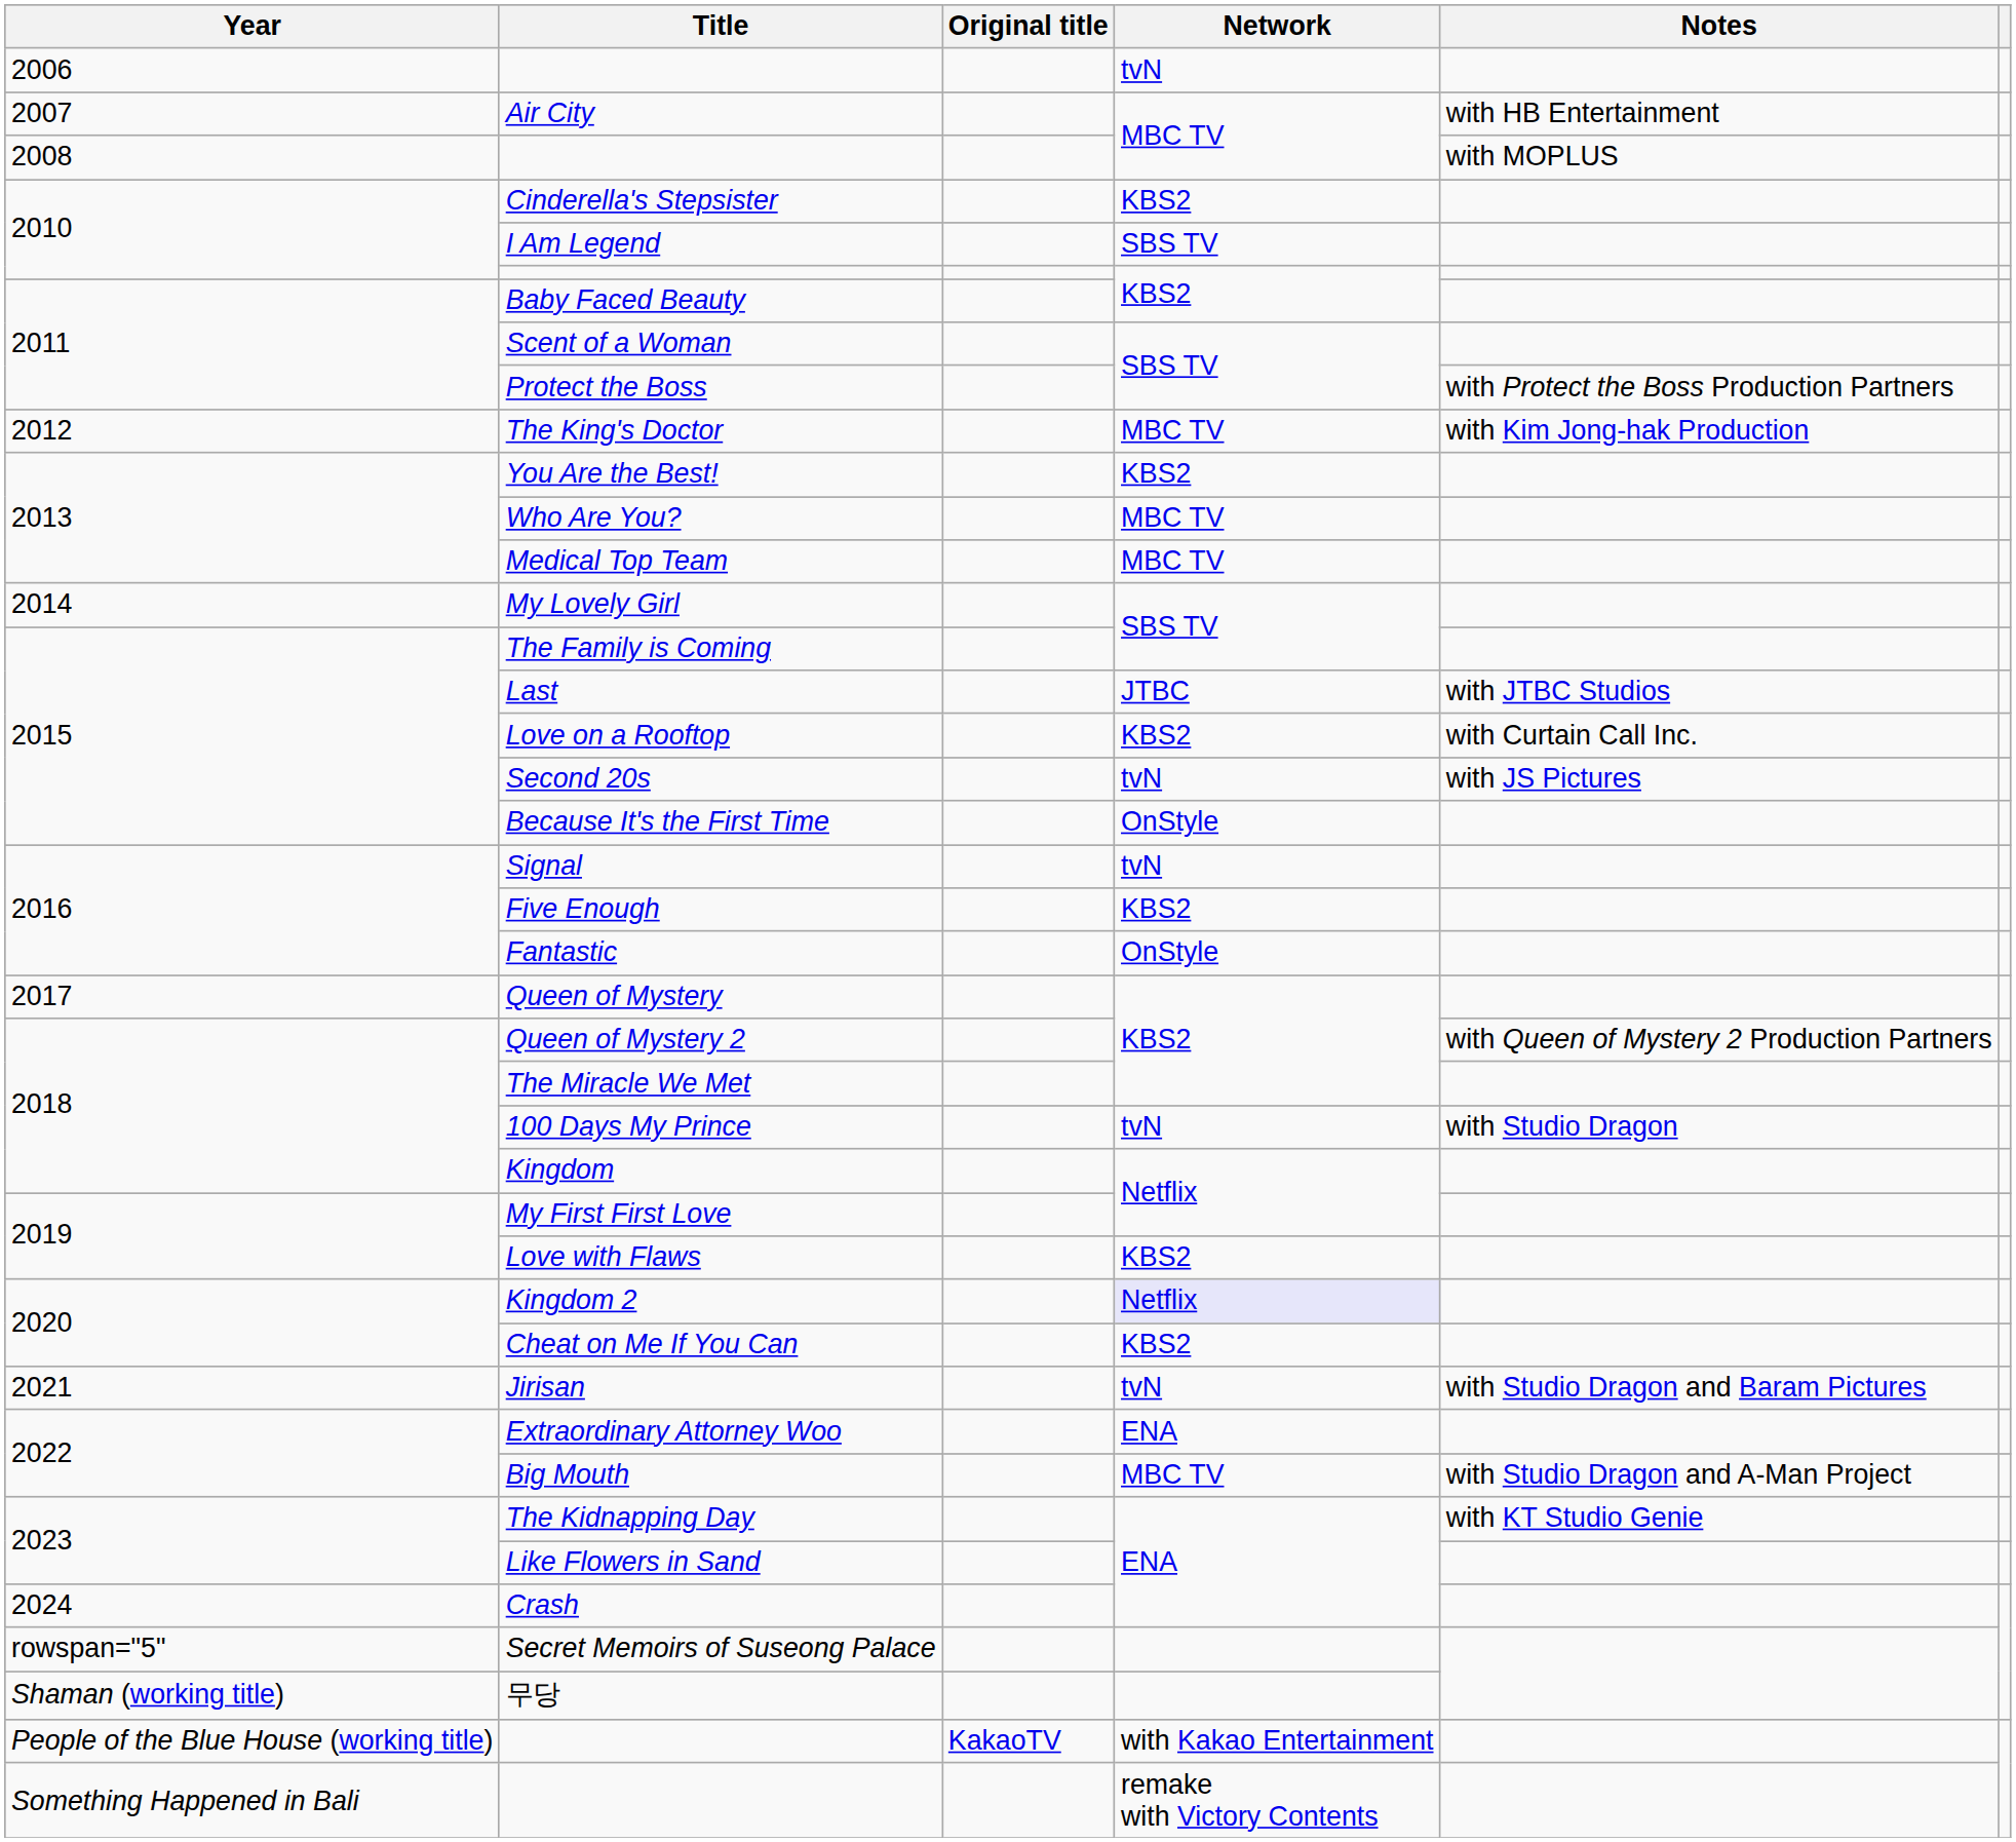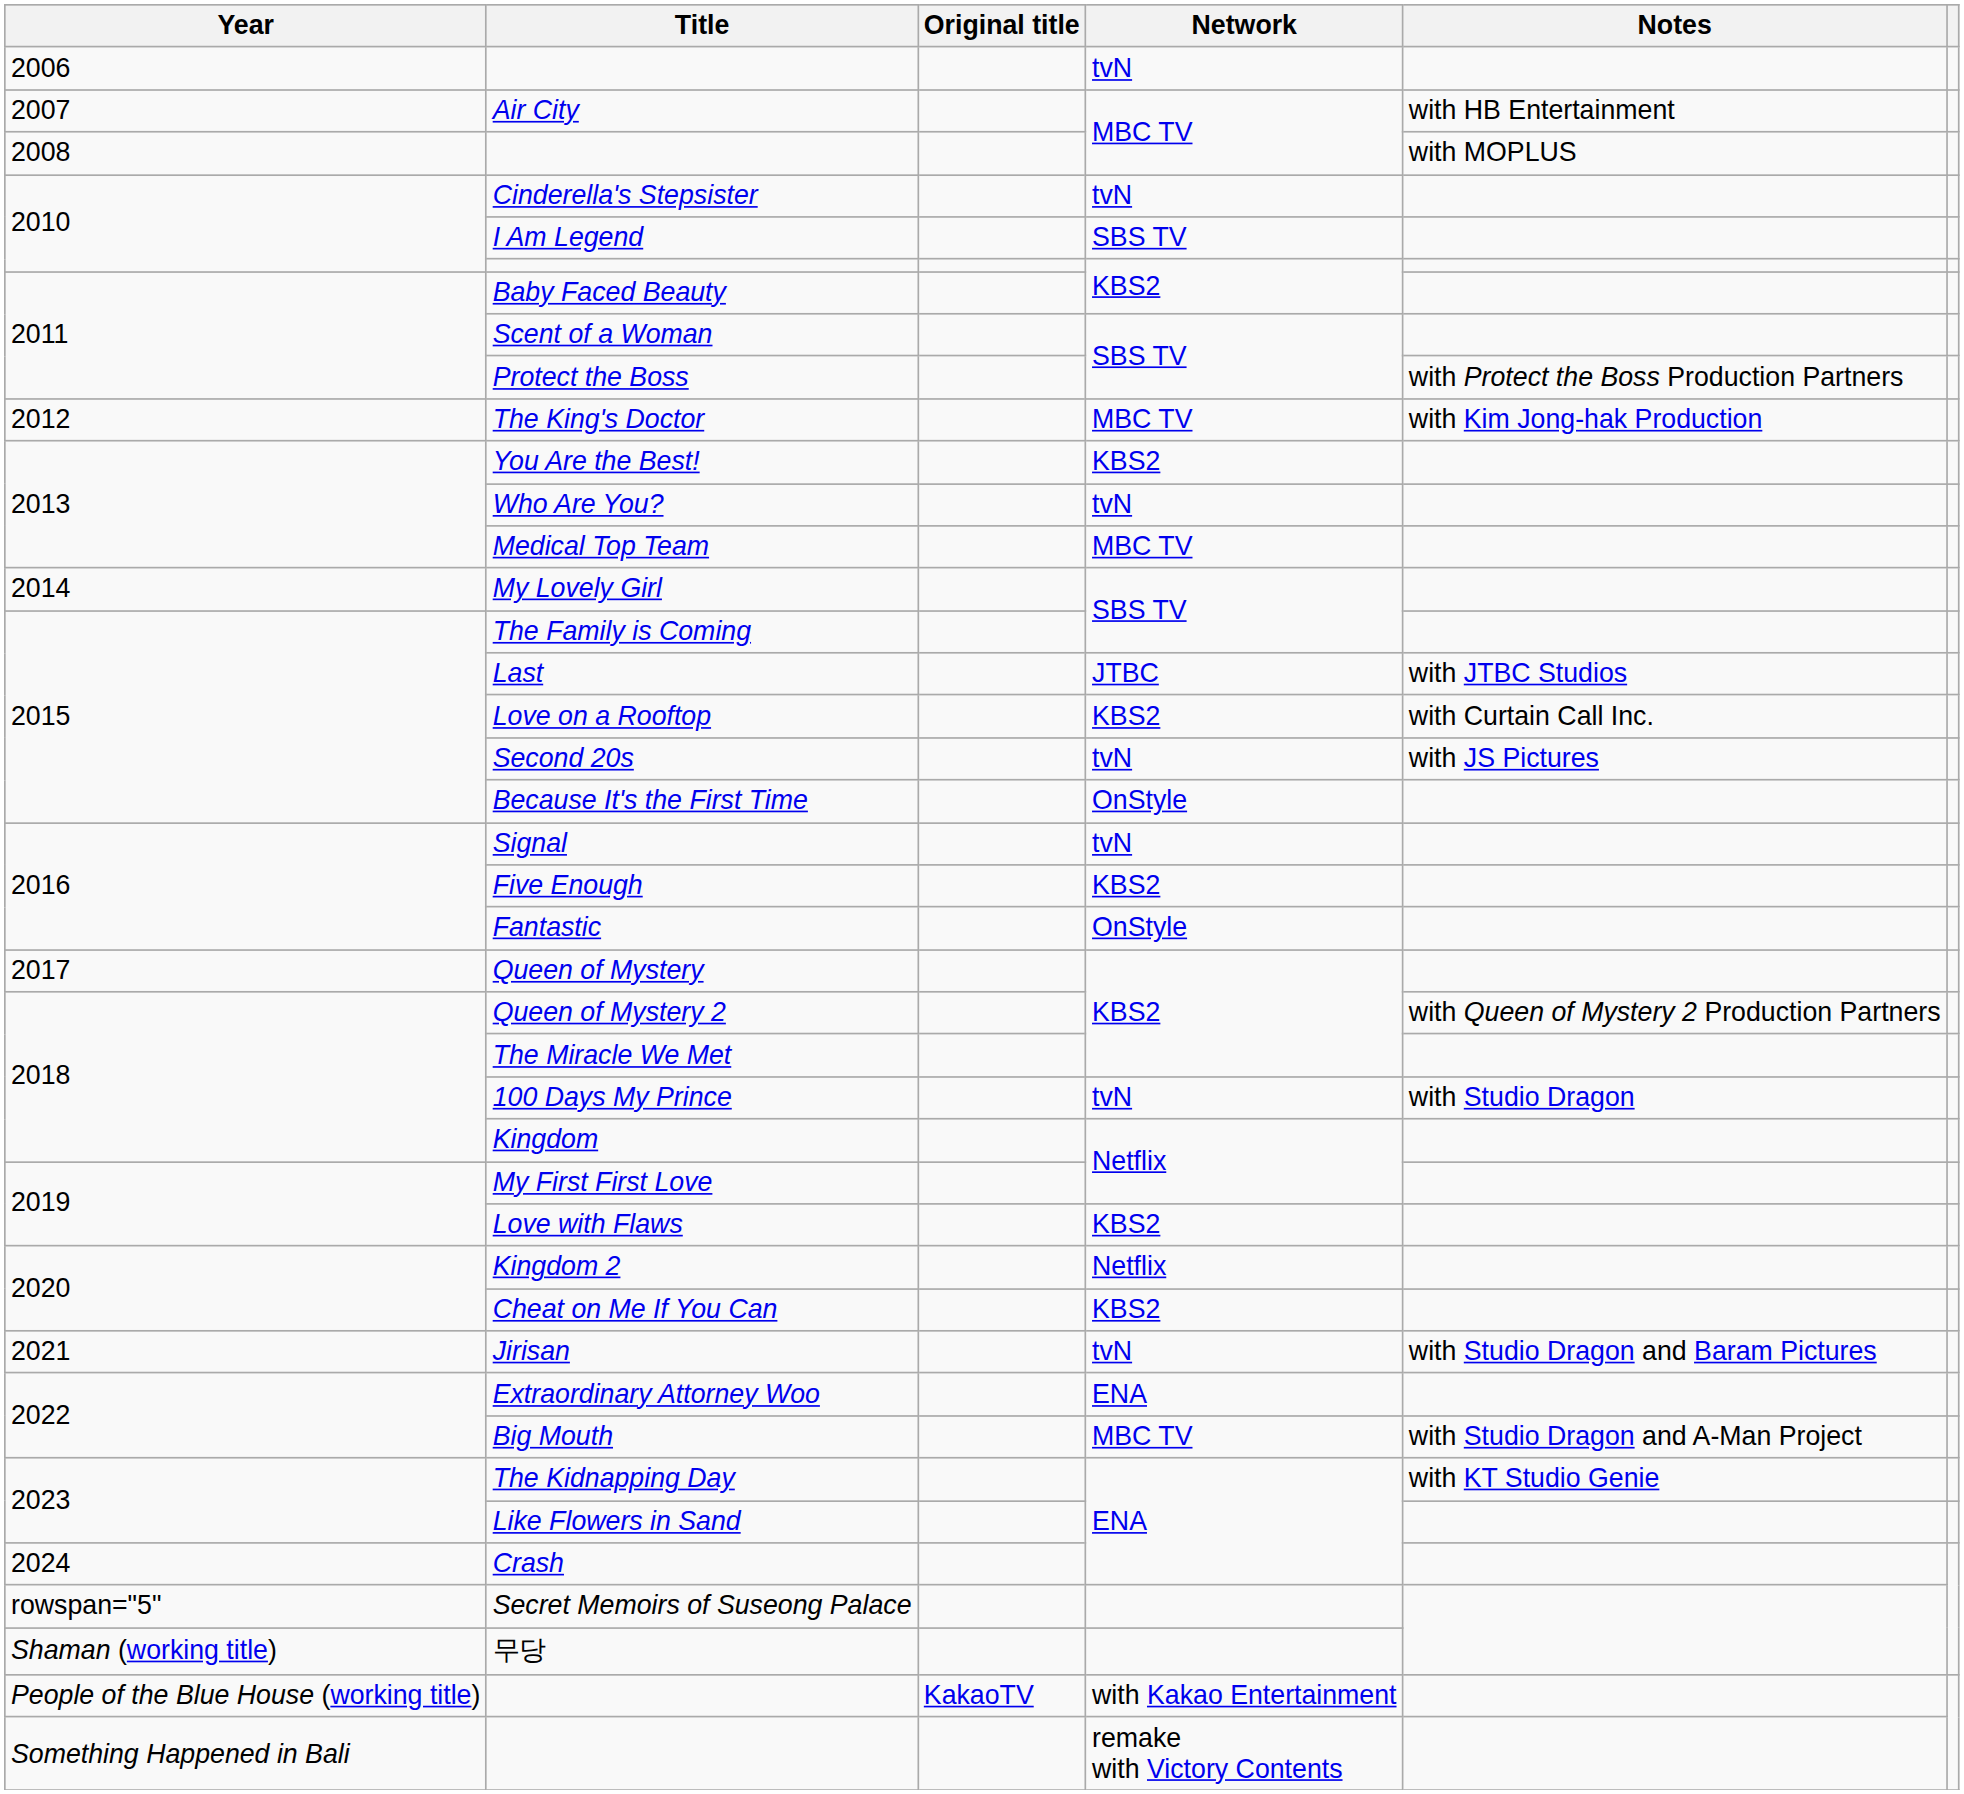 <table class="wikitable">
 <tr>
 <th>Year</th>
 <th>Title</th>
 <th>Original title</th>
 <th>Network</th>
 <th>Notes</th>
 <th></th>
 </tr>
 <tr>
 <td>2006</td>
 <td><em></em></td>
 <td></td>
 <td><a href='#'>tvN</a></td>
 <td></td>
 <td></td>
 </tr>
 <tr>
 <td>2007</td>
 <td><em><a href='#'>Air City</a></em></td>
 <td></td>
 <td rowspan="2"><a href='#'>MBC TV</a></td>
 <td>with HB Entertainment</td>
 <td></td>
 </tr>
 <tr>
 <td>2008</td>
 <td><em></em></td>
 <td></td>
 <td>with MOPLUS</td>
 <td></td>
 </tr>
 <tr>
 <td rowspan="3">2010</td>
 <td><em><a href='#'>Cinderella's Stepsister</a></em></td>
 <td></td>
-<td><a href='#'>KBS2</a></td>
+<td><a href='#'>tvN</a></td>
 <td></td>
 <td></td>
 </tr>
 <tr>
 <td><em><a href='#'>I Am Legend</a></em></td>
 <td></td>
 <td><a href='#'>SBS TV</a></td>
 <td></td>
 </tr>
 <tr>
 <td><em></em></td>
 <td></td>
 <td rowspan="2"><a href='#'>KBS2</a></td>
 <td></td>
 <td></td>
 </tr>
 <tr>
 <td rowspan="3">2011</td>
 <td><em><a href='#'>Baby Faced Beauty</a></em></td>
 <td></td>
 <td></td>
 <td></td>
 </tr>
 <tr>
 <td><em><a href='#'>Scent of a Woman</a></em></td>
 <td></td>
 <td rowspan="2"><a href='#'>SBS TV</a></td>
 <td></td>
 <td></td>
 </tr>
 <tr>
 <td><em><a href='#'>Protect the Boss</a></em></td>
 <td></td>
 <td>with <em>Protect the Boss</em> Production Partners</td>
 <td></td>
 </tr>
 <tr>
 <td>2012</td>
 <td><em><a href='#'>The King's Doctor</a></em></td>
 <td></td>
 <td><a href='#'>MBC TV</a></td>
 <td>with <a href='#'>Kim Jong-hak Production</a></td>
 <td></td>
 </tr>
 <tr>
 <td rowspan="3">2013</td>
 <td><em><a href='#'>You Are the Best!</a></em></td>
 <td></td>
 <td><a href='#'>KBS2</a></td>
 <td></td>
 <td></td>
 </tr>
 <tr>
 <td><em><a href='#'>Who Are You?</a></em></td>
 <td></td>
-<td><a href='#'>MBC TV</a></td>
+<td><a href='#'>tvN</a></td>
 <td></td>
 <td></td>
 </tr>
 <tr>
 <td><em><a href='#'>Medical Top Team</a></em></td>
 <td></td>
 <td><a href='#'>MBC TV</a></td>
 <td></td>
 <td></td>
 </tr>
 <tr>
 <td>2014</td>
 <td><em><a href='#'>My Lovely Girl</a></em></td>
 <td></td>
 <td rowspan="2"><a href='#'>SBS TV</a></td>
 <td></td>
 <td></td>
 </tr>
 <tr>
 <td rowspan="5">2015</td>
 <td><em><a href='#'>The Family is Coming</a></em></td>
 <td></td>
 <td></td>
 <td></td>
 </tr>
 <tr>
 <td><em><a href='#'>Last</a></em></td>
 <td></td>
 <td><a href='#'>JTBC</a></td>
 <td>with <a href='#'>JTBC Studios</a></td>
 <td></td>
 </tr>
 <tr>
 <td><em><a href='#'>Love on a Rooftop</a></em></td>
 <td></td>
 <td><a href='#'>KBS2</a></td>
 <td>with Curtain Call Inc.</td>
 <td></td>
 </tr>
 <tr>
 <td><em><a href='#'>Second 20s</a></em></td>
 <td></td>
 <td><a href='#'>tvN</a></td>
 <td>with <a href='#'>JS Pictures</a></td>
 <td></td>
 </tr>
 <tr>
 <td><em><a href='#'>Because It's the First Time</a></em></td>
 <td></td>
 <td><a href='#'>OnStyle</a></td>
 <td></td>
 <td></td>
 </tr>
 <tr>
 <td rowspan="3">2016</td>
 <td><em><a href='#'>Signal</a></em></td>
 <td></td>
 <td><a href='#'>tvN</a></td>
 <td></td>
 <td></td>
 </tr>
 <tr>
 <td><em><a href='#'>Five Enough</a></em></td>
 <td></td>
 <td><a href='#'>KBS2</a></td>
 <td></td>
 <td></td>
 </tr>
 <tr>
 <td><em><a href='#'>Fantastic</a></em></td>
 <td></td>
 <td><a href='#'>OnStyle</a></td>
 <td></td>
 <td></td>
 </tr>
 <tr>
 <td>2017</td>
 <td><em><a href='#'>Queen of Mystery</a></em></td>
 <td></td>
 <td rowspan="3"><a href='#'>KBS2</a></td>
 <td></td>
 <td></td>
 </tr>
 <tr>
 <td rowspan="4">2018</td>
 <td><em><a href='#'>Queen of Mystery 2</a></em></td>
 <td></td>
 <td>with <em>Queen of Mystery 2</em> Production Partners</td>
 <td></td>
 </tr>
 <tr>
 <td><em><a href='#'>The Miracle We Met</a></em></td>
 <td></td>
 <td></td>
 <td></td>
 </tr>
 <tr>
 <td><em><a href='#'>100 Days My Prince</a></em></td>
 <td></td>
 <td><a href='#'>tvN</a></td>
 <td>with <a href='#'>Studio Dragon</a></td>
 <td></td>
 </tr>
 <tr>
 <td><em><a href='#'>Kingdom</a></em></td>
 <td></td>
 <td rowspan="2"><a href='#'>Netflix</a></td>
 <td></td>
 <td></td>
 </tr>
 <tr>
 <td rowspan="2">2019</td>
 <td><em><a href='#'>My First First Love</a></em></td>
 <td></td>
 <td></td>
 <td></td>
 </tr>
 <tr>
 <td><em><a href='#'>Love with Flaws</a></em></td>
 <td></td>
 <td><a href='#'>KBS2</a></td>
 <td></td>
 <td></td>
 </tr>
 <tr>
 <td rowspan="2">2020</td>
 <td><em><a href='#'>Kingdom 2</a></em></td>
 <td></td>
-<td style="background: lavender;"><a href='#'>Netflix</a></td>
+<td><a href='#'>Netflix</a></td>
 <td></td>
 <td></td>
 </tr>
 <tr>
 <td><em><a href='#'>Cheat on Me If You Can</a></em></td>
 <td></td>
 <td><a href='#'>KBS2</a></td>
 <td></td>
 <td></td>
 </tr>
 <tr>
 <td>2021</td>
 <td><em><a href='#'>Jirisan</a></em></td>
 <td></td>
 <td><a href='#'>tvN</a></td>
 <td>with <a href='#'>Studio Dragon</a> and <a href='#'>Baram Pictures</a></td>
 <td></td>
 </tr>
 <tr>
 <td rowspan="2">2022</td>
 <td><em><a href='#'>Extraordinary Attorney Woo</a></em></td>
 <td></td>
 <td><a href='#'>ENA</a></td>
 <td></td>
 <td></td>
 </tr>
 <tr>
 <td><em><a href='#'>Big Mouth</a></em></td>
 <td></td>
 <td><a href='#'>MBC TV</a></td>
 <td>with <a href='#'>Studio Dragon</a> and A-Man Project</td>
 <td></td>
 </tr>
 <tr>
 <td rowspan="2">2023</td>
 <td><em><a href='#'>The Kidnapping Day</a></em></td>
 <td></td>
 <td rowspan="3"><a href='#'>ENA</a></td>
 <td>with <a href='#'>KT Studio Genie</a></td>
 <td></td>
 </tr>
 <tr>
 <td><em><a href='#'>Like Flowers in Sand</a></em></td>
 <td></td>
 <td></td>
 <td></td>
 </tr>
 <tr>
 <td>2024</td>
 <td><em><a href='#'>Crash</a></em></td>
 <td></td>
 <td></td>
 <td rowspan="3"></td>
 </tr>
 <tr>
 <td>rowspan="5" </td>
 <td><em>Secret Memoirs of Suseong Palace</em></td>
 <td></td>
 <td></td>
 </tr>
 <tr>
 <td><em>Shaman</em> (<a href='#'>working title</a>)</td>
 <td>무당</td>
 <td></td>
 <td></td>
 </tr>
 <tr>
 <td><em>People of the Blue House</em> (<a href='#'>working title</a>)</td>
 <td></td>
 <td><a href='#'>KakaoTV</a></td>
 <td>with <a href='#'>Kakao Entertainment</a></td>
 <td></td>
 </tr>
 <tr>
 <td><em>Something Happened in Bali</em></td>
 <td></td>
 <td></td>
 <td>remake<br>with <a href='#'>Victory Contents</a></td>
 <td></td>
 </tr>
 </table>
